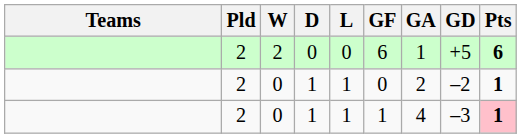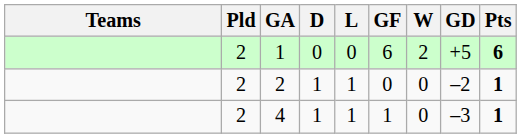 <table class="wikitable" style="text-align: center;">
 <tr>
 <th width=165>Teams</th>
 <th width=20>Pld</th>
-<th width=20>W</th>
+<th width=20>GA</th>
 <th width=20>D</th>
 <th width=20>L</th>
 <th width=20>GF</th>
-<th width=20>GA</th>
+<th width=20>W</th>
 <th width=20>GD</th>
 <th width=20>Pts</th>
 </tr>
 <tr align=center style="background:#ccffcc;">
 <td style="text-align:left;"></td>
 <td>2</td>
-<td>2</td>
+<td>1</td>
 <td>0</td>
 <td>0</td>
 <td>6</td>
-<td>1</td>
+<td>2</td>
 <td>+5</td>
 <td><strong>6</strong></td>
 </tr>
 <tr align=center>
 <td style="text-align:left;"></td>
 <td>2</td>
-<td>0</td>
+<td>2</td>
 <td>1</td>
 <td>1</td>
 <td>0</td>
-<td>2</td>
+<td>0</td>
 <td>–2</td>
 <td><strong>1</strong></td>
 </tr>
 <tr align=center>
 <td style="text-align:left;"></td>
 <td>2</td>
-<td>0</td>
+<td>4</td>
 <td>1</td>
 <td>1</td>
 <td>1</td>
-<td>4</td>
+<td>0</td>
 <td>–3</td>
-<td style="background: pink;"><strong>1</strong></td>
+<td><strong>1</strong></td>
 </tr>
 </table>
